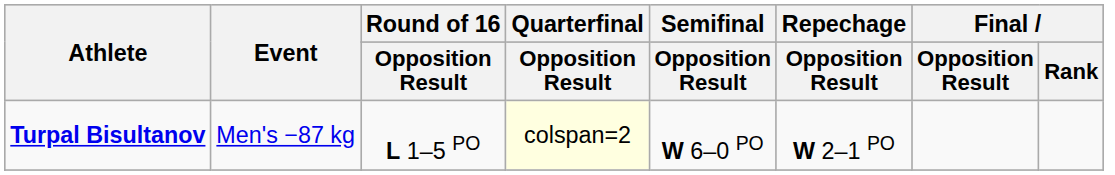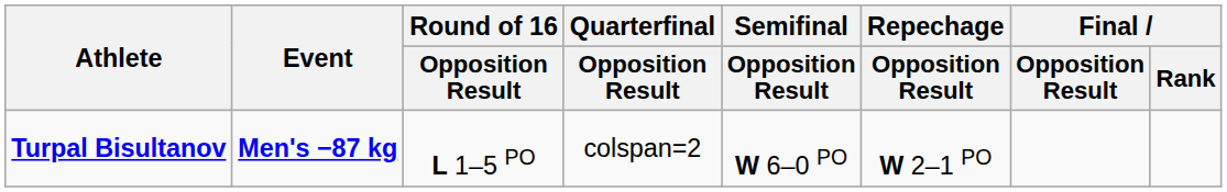 <table class="wikitable" style="font-size:90%">
 <tr>
 <th rowspan=2>Athlete</th>
 <th rowspan=2>Event</th>
 <th>Round of 16</th>
 <th>Quarterfinal</th>
 <th>Semifinal</th>
 <th>Repechage</th>
 <th colspan=2>Final / </th>
 </tr>
 <tr style="font-size: 95%">
 <th>Opposition<br>Result</th>
 <th>Opposition<br>Result</th>
 <th>Opposition<br>Result</th>
 <th>Opposition<br>Result</th>
 <th>Opposition<br>Result</th>
 <th>Rank</th>
 </tr>
 <tr align=center>
 <td align=left><strong><a href='#'>Turpal Bisultanov</a></strong></td>
-<td align=left><a href='#'>Men's −87 kg</a></td>
+<td align=left><strong><a href='#'>Men's −87 kg</a></strong></td>
 <td><br><strong>L</strong> 1–5 <sup>PO</sup></td>
-<td style="background: lightyellow;">colspan=2 </td>
+<td>colspan=2 </td>
 <td><br><strong>W</strong> 6–0 <sup>PO</sup></td>
 <td><br><strong>W</strong> 2–1 <sup>PO</sup></td>
 <td></td>
 </tr>
 </table>
